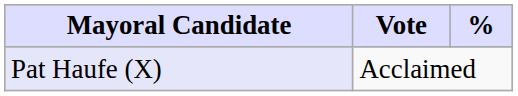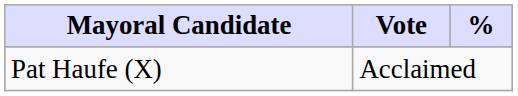 <table class="wikitable">
 <tr>
 <th style="background:#ddf; width:200px;">Mayoral Candidate </th>
 <th style="background:#ddf; width:50px;">Vote</th>
 <th style="background:#ddf; width:30px;">%</th>
 </tr>
 <tr>
-<td style="background: lavender;">Pat Haufe (X)</td>
+<td>Pat Haufe (X)</td>
 <td colspan="2">Acclaimed</td>
 </tr>
 </table>
